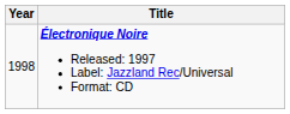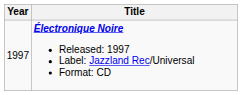 <table class="wikitable">
 <tr>
 <th>Year</th>
 <th style="width:225px;">Title</th>
 </tr>
 <tr>
-<td>1998</td>
+<td>1997</td>
 <td style="width:20em"><strong><em><a href='#'>Électronique Noire</a></em></strong><br><ul><li>Released: 1997</li><li>Label: <a href='#'>Jazzland Rec</a>/Universal </li><li>Format: CD</li></ul></td>
 </tr>
 </table>
